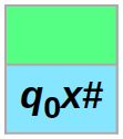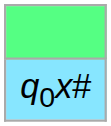 <table class="wikitable" style="text-align:center;">
 <tr>
 <td bgcolor="#55FF83" width="40"> </td>
 </tr>
 <tr>
-<td bgcolor="#87E6FF" width="40"><strong><em>q</em><sub>0</sub><em>x</em>#</strong></td>
+<td bgcolor="#87E6FF" width="40"><em>q</em><sub>0</sub><em>x</em>#</td>
 </tr>
 </table>
